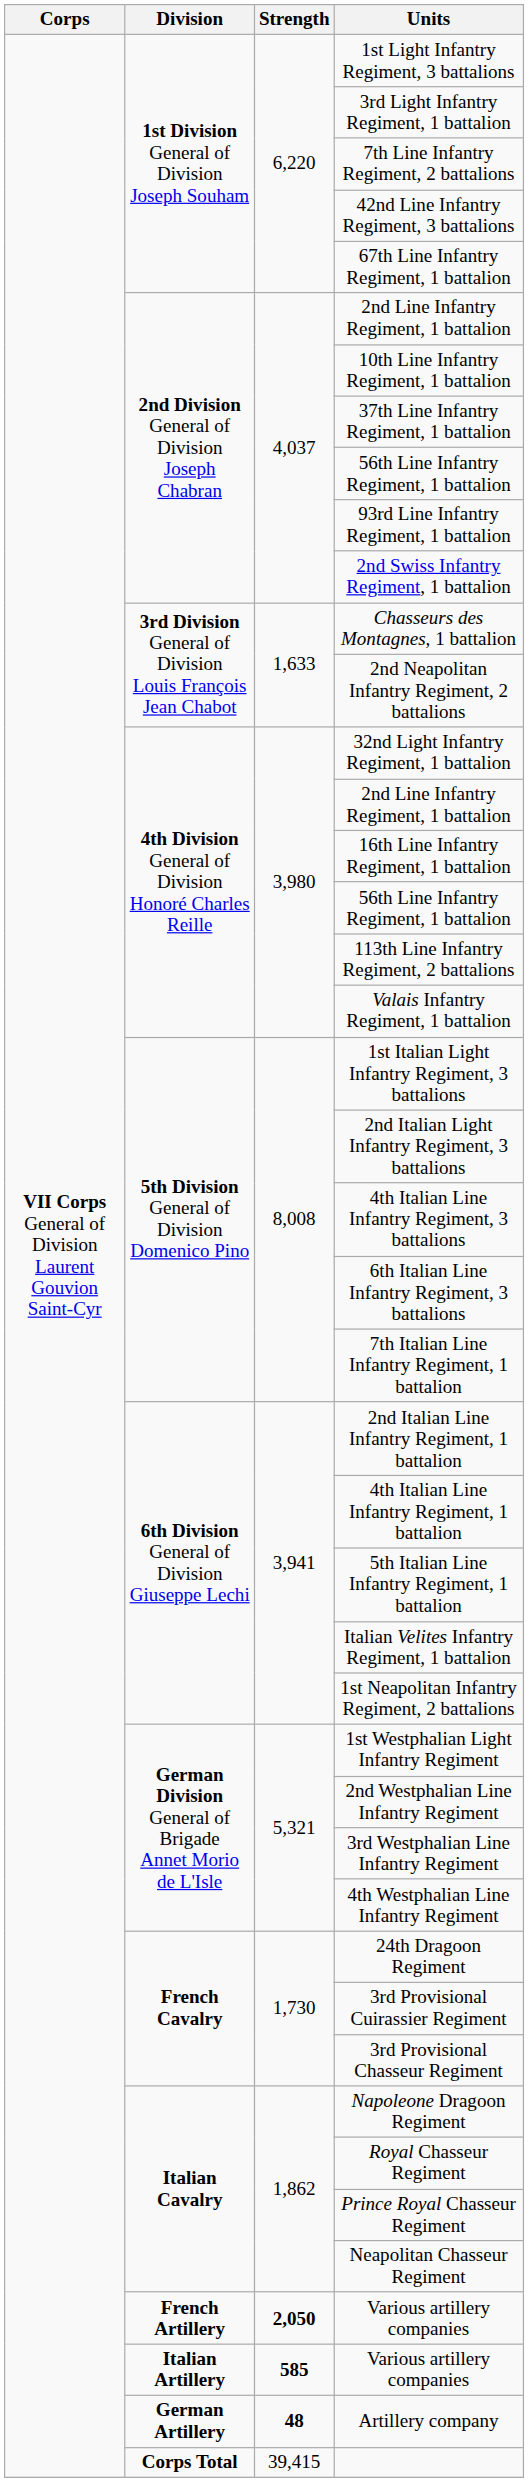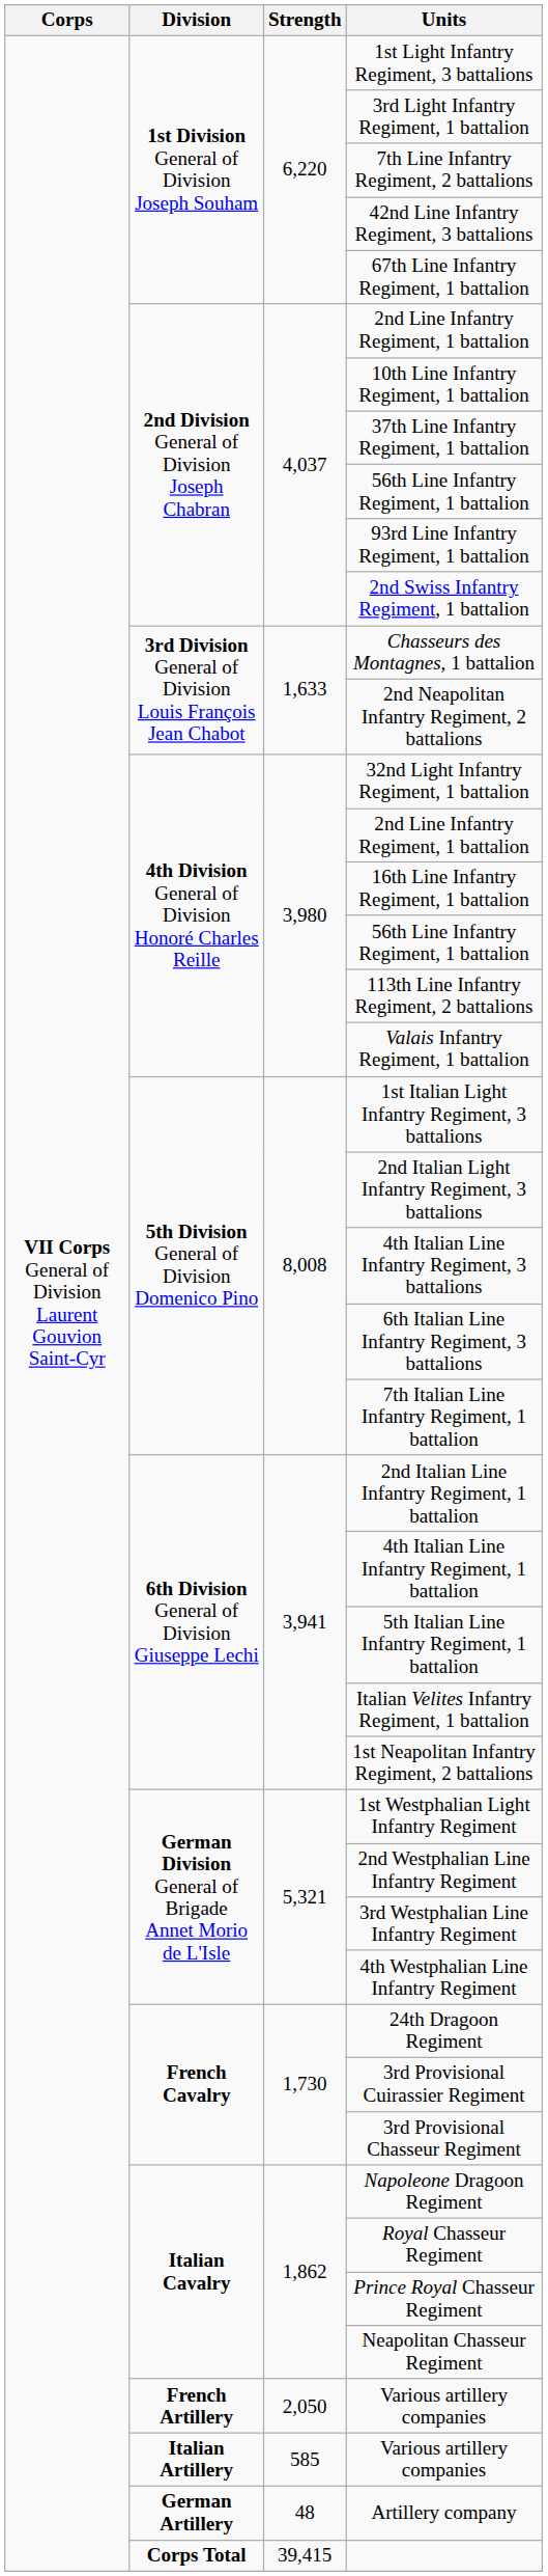 <table class="wikitable" style="text-align:center; width:70%;">
 <tr>
 <th>Corps</th>
 <th>Division</th>
 <th>Strength</th>
 <th>Units</th>
 </tr>
 <tr>
 <td rowspan=44><strong>VII Corps</strong><br>General of Division<br><a href='#'>Laurent Gouvion Saint-Cyr</a><br></td>
 <td rowspan=5><strong>1st Division</strong><br>General of Division<br><a href='#'>Joseph Souham</a><br></td>
 <td rowspan=5>6,220</td>
 <td> 1st Light Infantry Regiment, 3 battalions</td>
 </tr>
 <tr>
 <td> 3rd Light Infantry Regiment, 1 battalion</td>
 </tr>
 <tr>
 <td> 7th Line Infantry Regiment, 2 battalions</td>
 </tr>
 <tr>
 <td> 42nd Line Infantry Regiment, 3 battalions</td>
 </tr>
 <tr>
 <td> 67th Line Infantry Regiment, 1 battalion</td>
 </tr>
 <tr>
 <td rowspan=6><strong>2nd Division</strong><br>General of Division<br><a href='#'>Joseph Chabran</a><br></td>
 <td rowspan=6>4,037</td>
 <td> 2nd Line Infantry Regiment, 1 battalion</td>
 </tr>
 <tr>
 <td> 10th Line Infantry Regiment, 1 battalion</td>
 </tr>
 <tr>
 <td> 37th Line Infantry Regiment, 1 battalion</td>
 </tr>
 <tr>
 <td> 56th Line Infantry Regiment, 1 battalion</td>
 </tr>
 <tr>
 <td> 93rd Line Infantry Regiment, 1 battalion</td>
 </tr>
 <tr>
 <td> <a href='#'>2nd Swiss Infantry Regiment</a>, 1 battalion</td>
 </tr>
 <tr>
 <td rowspan=2><strong>3rd Division</strong><br>General of Division<br><a href='#'>Louis François Jean Chabot</a><br></td>
 <td rowspan=2>1,633</td>
 <td> <em>Chasseurs des Montagnes</em>, 1 battalion</td>
 </tr>
 <tr>
 <td> 2nd Neapolitan Infantry Regiment, 2 battalions</td>
 </tr>
 <tr>
 <td rowspan=6><strong>4th Division</strong><br>General of Division<br><a href='#'>Honoré Charles Reille</a><br></td>
 <td rowspan=6>3,980</td>
 <td> 32nd Light Infantry Regiment, 1 battalion</td>
 </tr>
 <tr>
 <td> 2nd Line Infantry Regiment, 1 battalion</td>
 </tr>
 <tr>
 <td> 16th Line Infantry Regiment, 1 battalion</td>
 </tr>
 <tr>
 <td> 56th Line Infantry Regiment, 1 battalion</td>
 </tr>
 <tr>
 <td> 113th Line Infantry Regiment, 2 battalions</td>
 </tr>
 <tr>
 <td> <em>Valais</em> Infantry Regiment, 1 battalion</td>
 </tr>
 <tr>
 <td rowspan=5><strong>5th Division</strong><br>General of Division<br><a href='#'>Domenico Pino</a><br></td>
 <td rowspan=5>8,008</td>
 <td> 1st Italian Light Infantry Regiment, 3 battalions</td>
 </tr>
 <tr>
 <td> 2nd Italian Light Infantry Regiment, 3 battalions</td>
 </tr>
 <tr>
 <td> 4th Italian Line Infantry Regiment, 3 battalions</td>
 </tr>
 <tr>
 <td> 6th Italian Line Infantry Regiment, 3 battalions</td>
 </tr>
 <tr>
 <td> 7th Italian Line Infantry Regiment, 1 battalion</td>
 </tr>
 <tr>
 <td rowspan=5><strong>6th Division</strong><br>General of Division<br><a href='#'>Giuseppe Lechi</a><br></td>
 <td rowspan=5>3,941</td>
 <td> 2nd Italian Line Infantry Regiment, 1 battalion</td>
 </tr>
 <tr>
 <td> 4th Italian Line Infantry Regiment, 1 battalion</td>
 </tr>
 <tr>
 <td> 5th Italian Line Infantry Regiment, 1 battalion</td>
 </tr>
 <tr>
 <td> Italian <em>Velites</em> Infantry Regiment, 1 battalion</td>
 </tr>
 <tr>
 <td> 1st Neapolitan Infantry Regiment, 2 battalions</td>
 </tr>
 <tr>
 <td rowspan=4><strong>German Division</strong><br>General of Brigade<br><a href='#'>Annet Morio de L'Isle</a></td>
 <td rowspan=4>5,321</td>
 <td> 1st Westphalian Light Infantry Regiment</td>
 </tr>
 <tr>
 <td> 2nd Westphalian Line Infantry Regiment</td>
 </tr>
 <tr>
 <td> 3rd Westphalian Line Infantry Regiment</td>
 </tr>
 <tr>
 <td> 4th Westphalian Line Infantry Regiment</td>
 </tr>
 <tr>
 <td rowspan=3><strong>French Cavalry</strong></td>
 <td rowspan=3>1,730</td>
 <td> 24th Dragoon Regiment</td>
 </tr>
 <tr>
 <td> 3rd Provisional Cuirassier Regiment</td>
 </tr>
 <tr>
 <td> 3rd Provisional Chasseur Regiment</td>
 </tr>
 <tr>
 <td rowspan=4><strong>Italian Cavalry</strong></td>
 <td rowspan=4>1,862</td>
 <td> <em>Napoleone</em> Dragoon Regiment</td>
 </tr>
 <tr>
 <td> <em>Royal</em> Chasseur Regiment</td>
 </tr>
 <tr>
 <td> <em>Prince Royal</em> Chasseur Regiment</td>
 </tr>
 <tr>
 <td> Neapolitan Chasseur Regiment</td>
 </tr>
 <tr>
 <td rowspan=1><strong>French Artillery</strong></td>
-<td rowspan=1><strong>2,050</strong></td>
+<td rowspan=1>2,050</td>
 <td> Various artillery companies</td>
 </tr>
 <tr>
 <td rowspan=1><strong>Italian Artillery</strong></td>
-<td rowspan=1><strong>585</strong></td>
+<td rowspan=1>585</td>
 <td> Various artillery companies</td>
 </tr>
 <tr>
 <td rowspan=1><strong>German Artillery</strong></td>
-<td rowspan=1><strong>48</strong></td>
+<td rowspan=1>48</td>
 <td> Artillery company</td>
 </tr>
 <tr>
 <td rowspan=1><strong>Corps Total</strong></td>
 <td rowspan=1>39,415</td>
 <td>    </td>
 </tr>
 <tr>
 </tr>
 </table>
